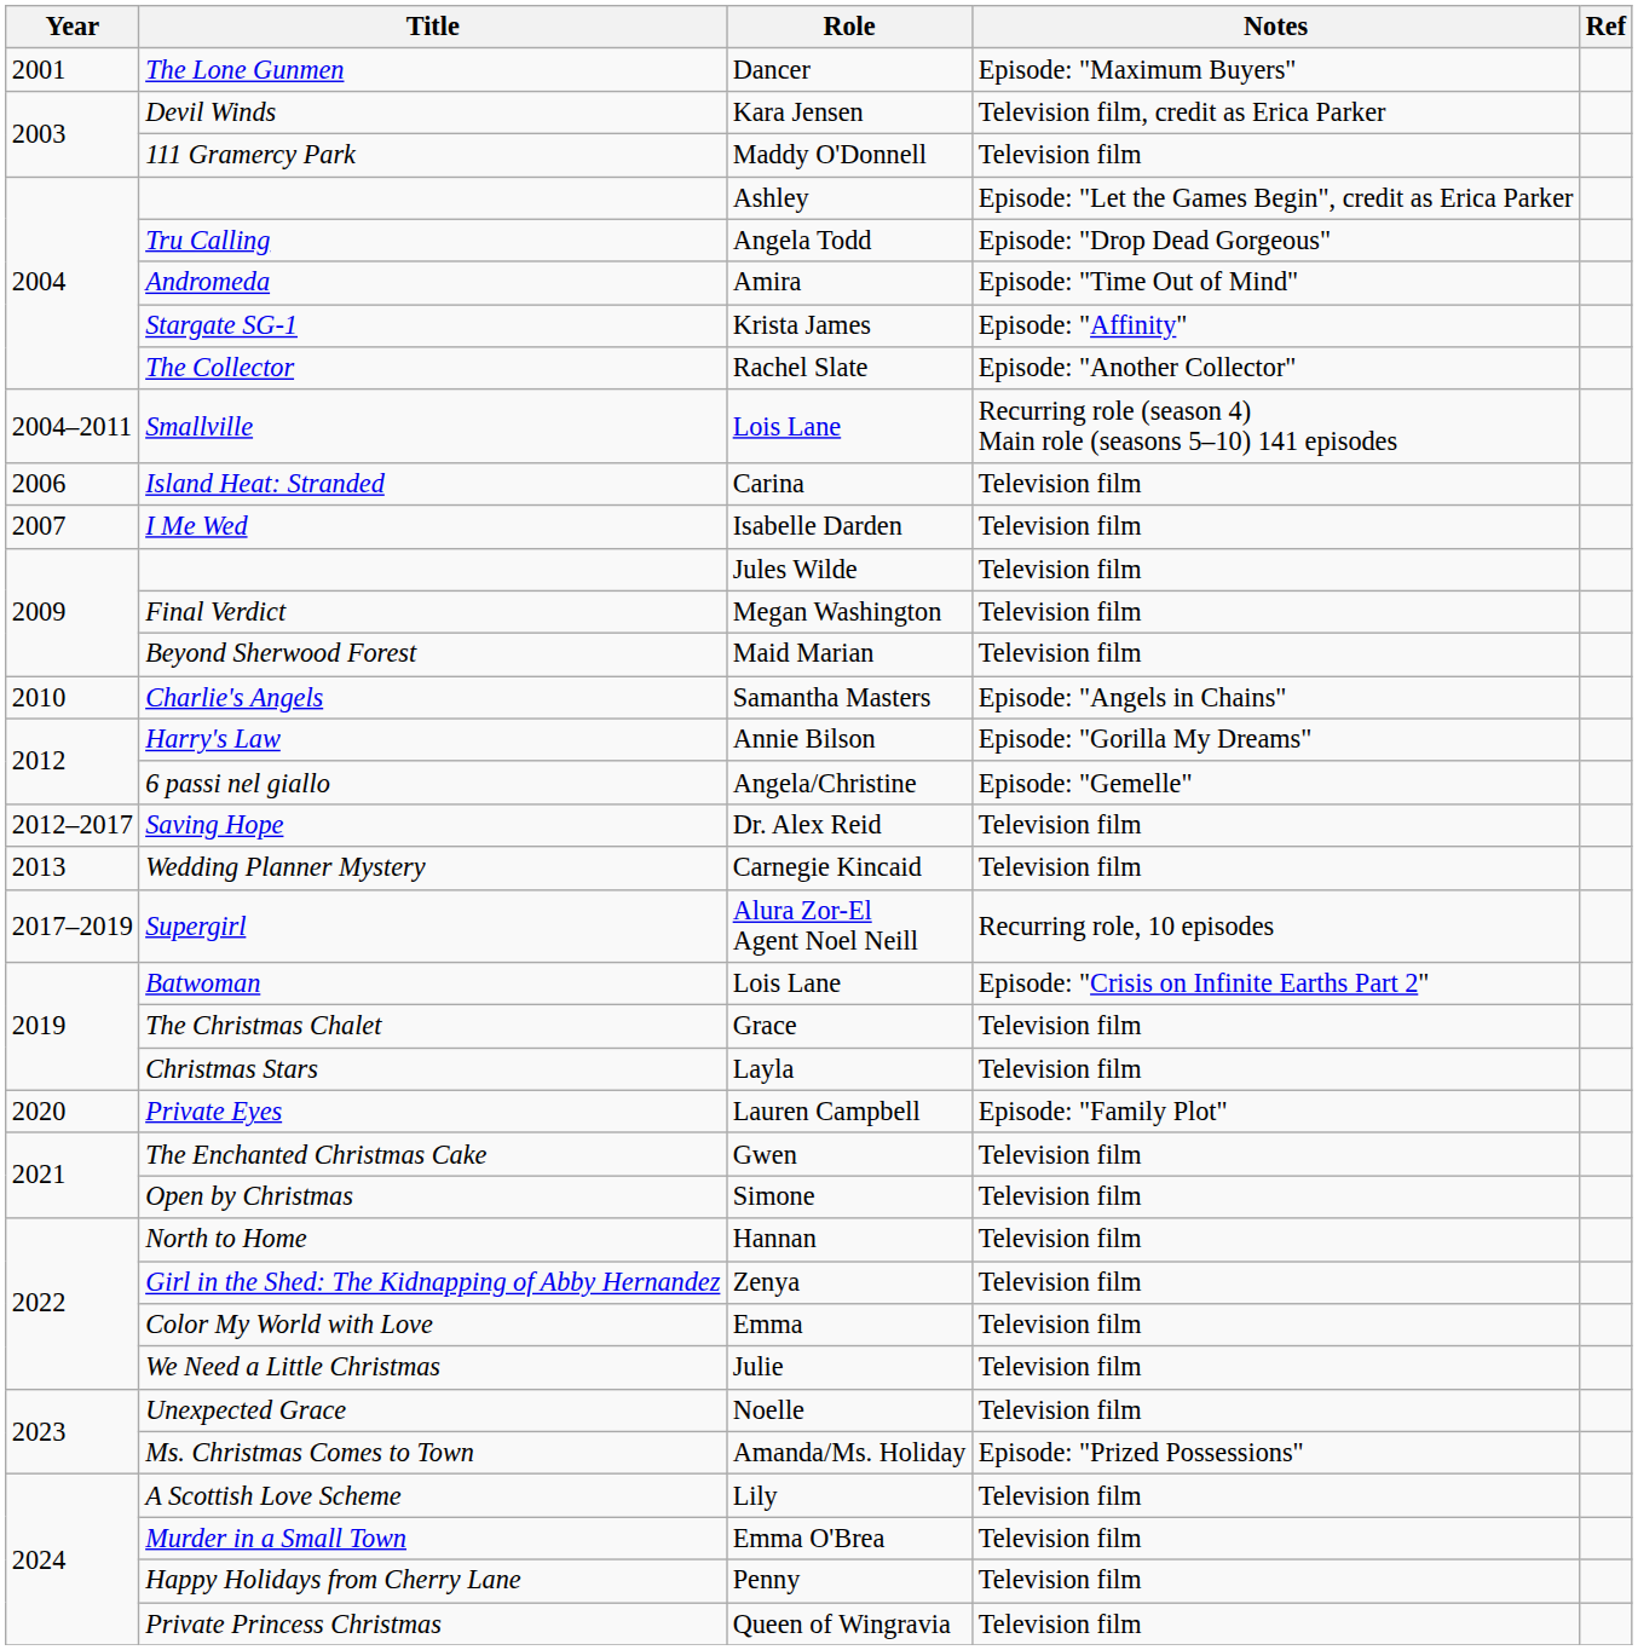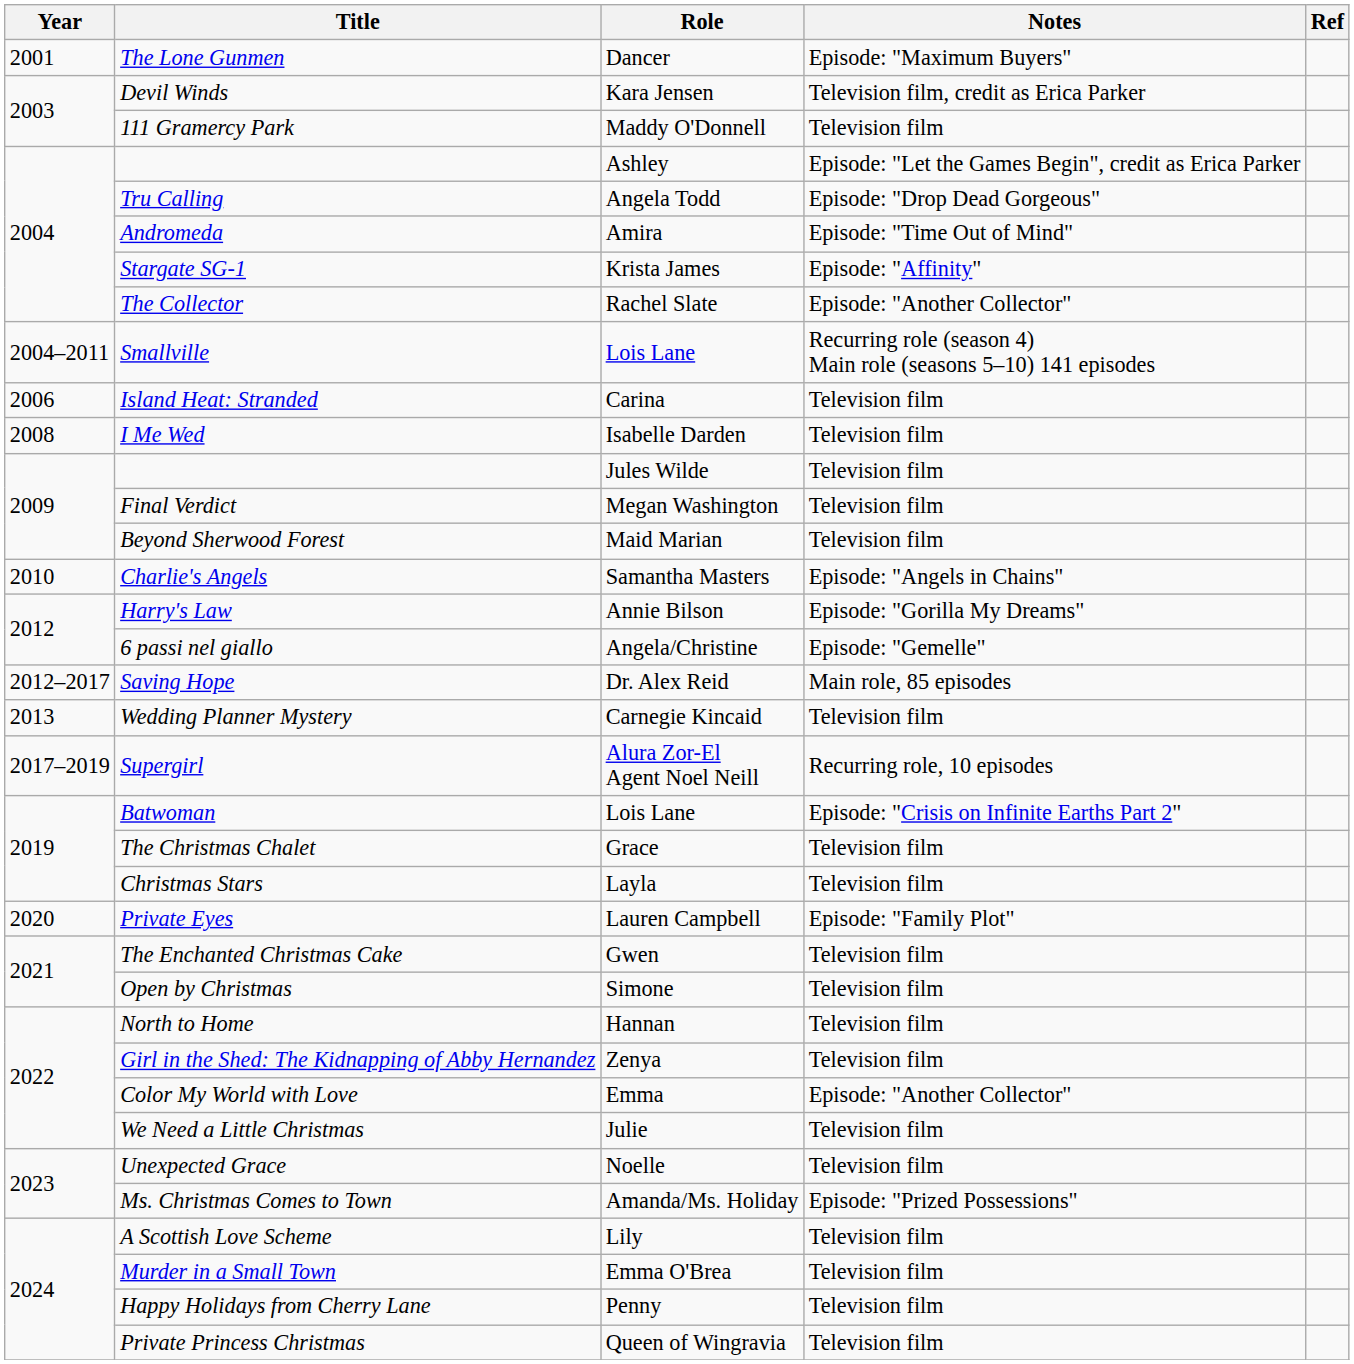 <table class="wikitable sortable">
 <tr>
 <th scope="col">Year</th>
 <th scope="col">Title</th>
 <th scope="col">Role</th>
 <th scope="col" ! class="unsortable">Notes</th>
 <th scope="col" class="unsortable">Ref</th>
 </tr>
 <tr>
 <td>2001</td>
 <td data-sort-value="Lone Gunmen, The"><em><a href='#'>The Lone Gunmen</a></em></td>
 <td>Dancer</td>
 <td>Episode: "Maximum Buyers"</td>
 <td></td>
 </tr>
 <tr>
 <td rowspan=2>2003</td>
 <td><em>Devil Winds</em></td>
 <td>Kara Jensen</td>
 <td>Television film, credit as Erica Parker</td>
 <td></td>
 </tr>
 <tr>
 <td><em>111 Gramercy Park</em></td>
 <td>Maddy O'Donnell</td>
 <td>Television film</td>
 <td></td>
 </tr>
 <tr>
 <td rowspan=5>2004</td>
 <td><em></em></td>
 <td>Ashley</td>
 <td>Episode: "Let the Games Begin", credit as Erica Parker</td>
 <td></td>
 </tr>
 <tr>
 <td><em><a href='#'>Tru Calling</a></em></td>
 <td>Angela Todd</td>
 <td>Episode: "Drop Dead Gorgeous"</td>
 <td></td>
 </tr>
 <tr>
 <td><em><a href='#'>Andromeda</a></em></td>
 <td>Amira</td>
 <td>Episode: "Time Out of Mind"</td>
 <td></td>
 </tr>
 <tr>
 <td><em><a href='#'>Stargate SG-1</a></em></td>
 <td>Krista James</td>
 <td>Episode: "<a href='#'>Affinity</a>"</td>
 <td></td>
 </tr>
 <tr>
 <td data-sort-value="Collector, The"><em><a href='#'>The Collector</a></em></td>
 <td>Rachel Slate</td>
 <td>Episode: "Another Collector"</td>
 <td></td>
 </tr>
 <tr>
 <td>2004–2011</td>
 <td><em><a href='#'>Smallville</a></em></td>
 <td><a href='#'>Lois Lane</a></td>
 <td>Recurring role (season 4)<br>Main role (seasons 5–10) 141 episodes</td>
 <td></td>
 </tr>
 <tr>
 <td>2006</td>
 <td><em><a href='#'>Island Heat: Stranded</a></em></td>
 <td>Carina</td>
 <td>Television film</td>
 <td></td>
 </tr>
 <tr>
-<td>2007</td>
+<td>2008</td>
 <td><em><a href='#'>I Me Wed</a></em></td>
 <td>Isabelle Darden</td>
 <td>Television film</td>
 <td></td>
 </tr>
 <tr>
 <td rowspan=3>2009</td>
 <td><em></em></td>
 <td>Jules Wilde</td>
 <td>Television film</td>
 <td></td>
 </tr>
 <tr>
 <td><em>Final Verdict</em></td>
 <td style="white-space: nowrap;">Megan Washington</td>
 <td>Television film</td>
 <td></td>
 </tr>
 <tr>
 <td><em>Beyond Sherwood Forest</em></td>
 <td>Maid Marian</td>
 <td>Television film</td>
 <td></td>
 </tr>
 <tr>
 <td>2010</td>
 <td><em><a href='#'>Charlie's Angels</a></em></td>
 <td>Samantha Masters</td>
 <td>Episode: "Angels in Chains"</td>
 <td></td>
 </tr>
 <tr>
 <td rowspan=2>2012</td>
 <td><em><a href='#'>Harry's Law</a></em></td>
 <td>Annie Bilson</td>
 <td>Episode: "Gorilla My Dreams"</td>
 <td></td>
 </tr>
 <tr>
 <td><em>6 passi nel giallo</em></td>
 <td>Angela/Christine</td>
 <td>Episode: "Gemelle"</td>
 <td></td>
 </tr>
 <tr>
 <td>2012–2017</td>
 <td><em><a href='#'>Saving Hope</a></em></td>
 <td>Dr. Alex Reid</td>
-<td>Television film</td>
+<td>Main role, 85 episodes</td>
 <td></td>
 </tr>
 <tr>
 <td>2013</td>
 <td style="white-space: nowrap;"><em>Wedding Planner Mystery</em></td>
 <td>Carnegie Kincaid</td>
 <td>Television film</td>
 <td></td>
 </tr>
 <tr>
 <td>2017–2019</td>
 <td><em><a href='#'>Supergirl</a></em></td>
 <td><a href='#'>Alura Zor-El</a><br>Agent Noel Neill</td>
 <td>Recurring role, 10 episodes</td>
 <td></td>
 </tr>
 <tr>
 <td rowspan="3'">2019</td>
 <td><em><a href='#'>Batwoman</a></em></td>
 <td>Lois Lane</td>
 <td>Episode: "<a href='#'>Crisis on Infinite Earths Part 2</a>"</td>
 <td></td>
 </tr>
 <tr>
 <td data-sort-value="Christmas Chalet, The"><em>The Christmas Chalet</em></td>
 <td>Grace</td>
 <td>Television film</td>
 <td></td>
 </tr>
 <tr>
 <td><em>Christmas Stars</em></td>
 <td>Layla</td>
 <td>Television film</td>
 <td></td>
 </tr>
 <tr>
 <td rowspan="1'">2020</td>
 <td><em><a href='#'>Private Eyes</a></em></td>
 <td>Lauren Campbell</td>
 <td>Episode: "Family Plot"</td>
 <td></td>
 </tr>
 <tr>
 <td rowspan="2'">2021</td>
 <td data-sort-value="Enchanted Christmas Cake, The"><em>The Enchanted Christmas Cake</em></td>
 <td>Gwen</td>
 <td>Television film</td>
 <td></td>
 </tr>
 <tr>
 <td><em>Open by Christmas</em></td>
 <td>Simone</td>
 <td>Television film</td>
 <td></td>
 </tr>
 <tr>
 <td rowspan="4'">2022</td>
 <td><em>North to Home</em></td>
 <td>Hannan</td>
 <td>Television film</td>
 <td></td>
 </tr>
 <tr>
 <td><em><a href='#'>Girl in the Shed: The Kidnapping of Abby Hernandez</a></em></td>
 <td>Zenya</td>
 <td>Television film</td>
 <td></td>
 </tr>
 <tr>
 <td><em>Color My World with Love</em></td>
 <td>Emma</td>
-<td>Television film</td>
+<td>Episode: "Another Collector"</td>
 <td></td>
 </tr>
 <tr>
 <td><em>We Need a Little Christmas</em></td>
 <td>Julie</td>
 <td>Television film</td>
 <td></td>
 </tr>
 <tr>
 <td rowspan="2'">2023</td>
 <td><em>Unexpected Grace</em></td>
 <td>Noelle</td>
 <td>Television film</td>
 <td></td>
 </tr>
 <tr>
 <td><em>Ms. Christmas Comes to Town</em></td>
 <td>Amanda/Ms. Holiday</td>
 <td>Episode: "Prized Possessions"</td>
 <td></td>
 </tr>
 <tr>
 <td rowspan="4'">2024</td>
 <td data-sort-value="Scottish Love Scheme, A"><em>A Scottish Love Scheme</em></td>
 <td>Lily</td>
 <td>Television film</td>
 </tr>
 <tr>
 <td><em><a href='#'>Murder in a Small Town</a></em></td>
 <td>Emma O'Brea</td>
 <td>Television film</td>
 <td></td>
 </tr>
 <tr>
 <td><em>Happy Holidays from Cherry Lane</em></td>
 <td>Penny</td>
 <td>Television film</td>
 <td></td>
 </tr>
 <tr>
 <td><em>Private Princess Christmas</em></td>
 <td>Queen of Wingravia</td>
 <td>Television film</td>
 <td></td>
 </tr>
 </table>
